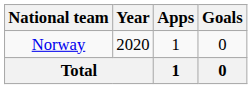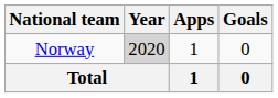 <table class="wikitable" style="text-align: center;">
 <tr>
 <th>National team</th>
 <th>Year</th>
 <th>Apps</th>
 <th>Goals</th>
 </tr>
 <tr>
 <td rowspan="1"><a href='#'>Norway</a></td>
-<td>2020</td>
+<td style="background: lightgrey;">2020</td>
 <td>1</td>
 <td>0</td>
 </tr>
 <tr>
 <th colspan="2">Total</th>
 <th>1</th>
 <th>0</th>
 </tr>
 </table>
